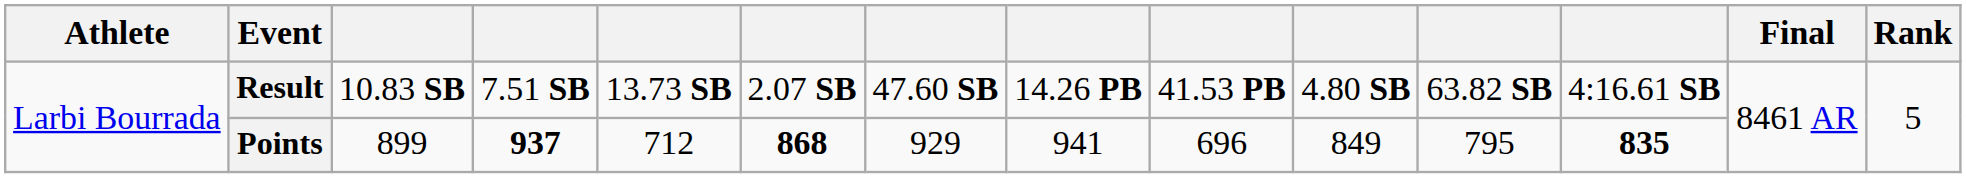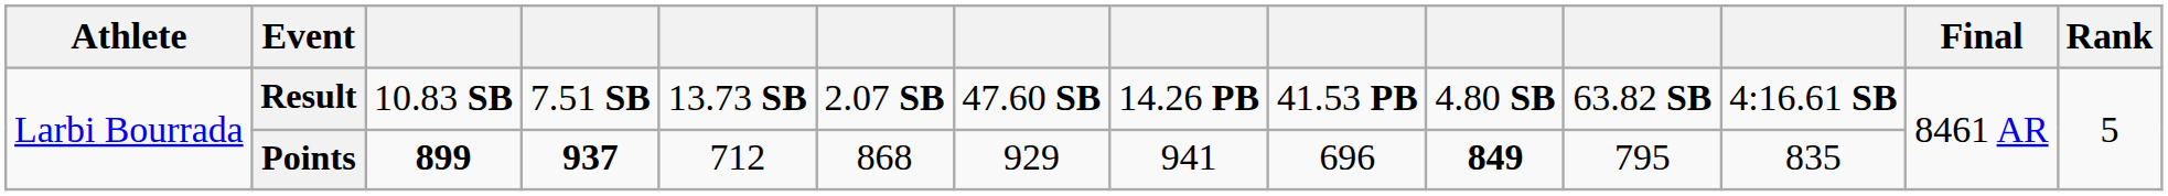 <table class="wikitable" style="font-size:90%">
 <tr>
 <th>Athlete</th>
 <th>Event</th>
 <th></th>
 <th></th>
 <th></th>
 <th></th>
 <th></th>
 <th></th>
 <th></th>
 <th></th>
 <th></th>
 <th></th>
 <th>Final</th>
 <th>Rank</th>
 </tr>
 <tr style=text-align:center>
 <td rowspan=2 style=text-align:left><a href='#'>Larbi Bourrada</a></td>
 <th style="font-size:95%">Result</th>
 <td>10.83 <strong>SB</strong></td>
 <td>7.51 <strong>SB</strong></td>
 <td>13.73 <strong>SB</strong></td>
 <td>2.07 <strong>SB</strong></td>
 <td>47.60 <strong>SB</strong></td>
 <td>14.26 <strong>PB</strong></td>
 <td>41.53 <strong>PB</strong></td>
 <td>4.80 <strong>SB</strong></td>
 <td>63.82 <strong>SB</strong></td>
 <td>4:16.61 <strong>SB</strong></td>
 <td rowspan=2>8461 <a href='#'>AR</a></td>
 <td rowspan=2>5</td>
 </tr>
 <tr style=text-align:center>
 <th style="font-size:95%">Points</th>
-<td>899</td>
+<td><strong>899</strong></td>
 <td><strong>937</strong></td>
 <td>712</td>
-<td><strong>868</strong></td>
+<td>868</td>
 <td>929</td>
 <td>941</td>
 <td>696</td>
-<td>849</td>
+<td><strong>849</strong></td>
 <td>795</td>
-<td><strong>835</strong></td>
+<td>835</td>
 </tr>
 </table>
